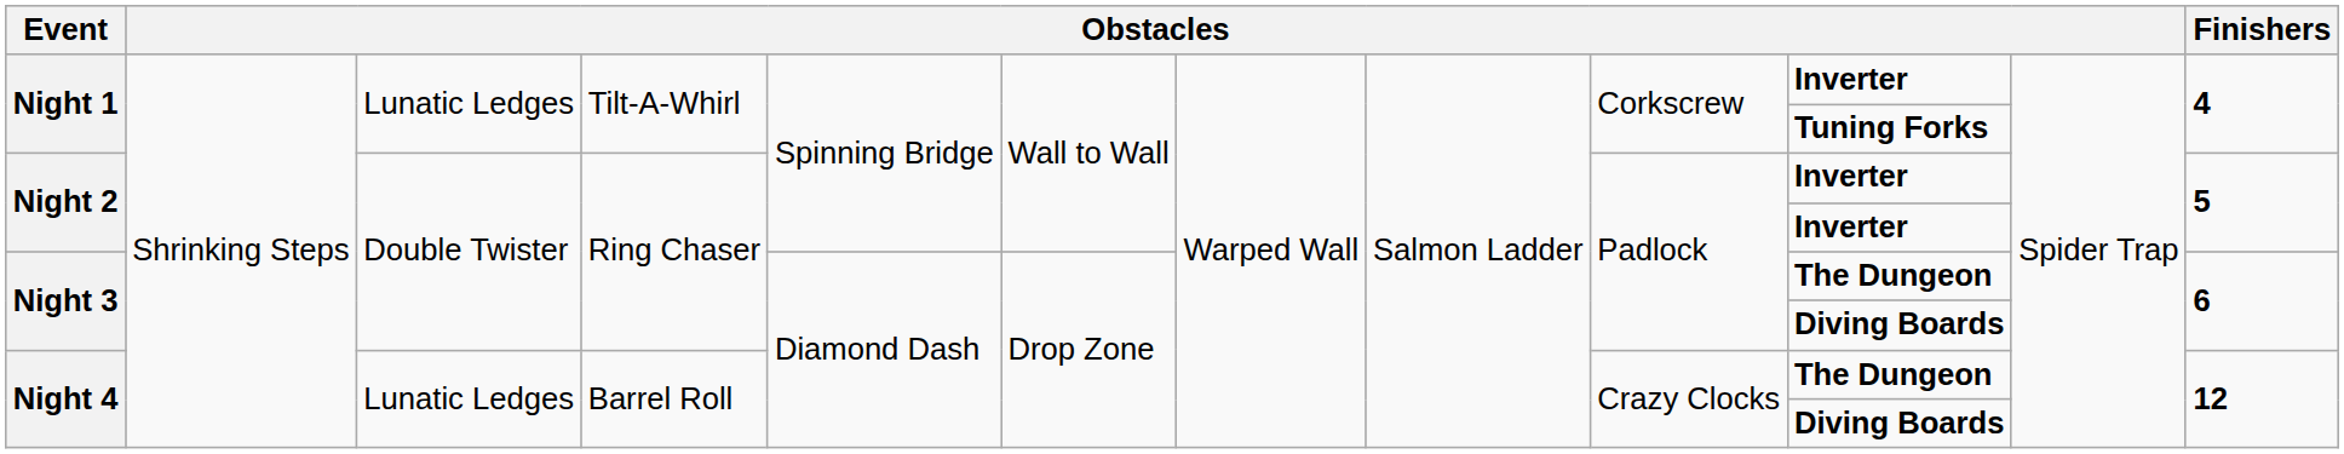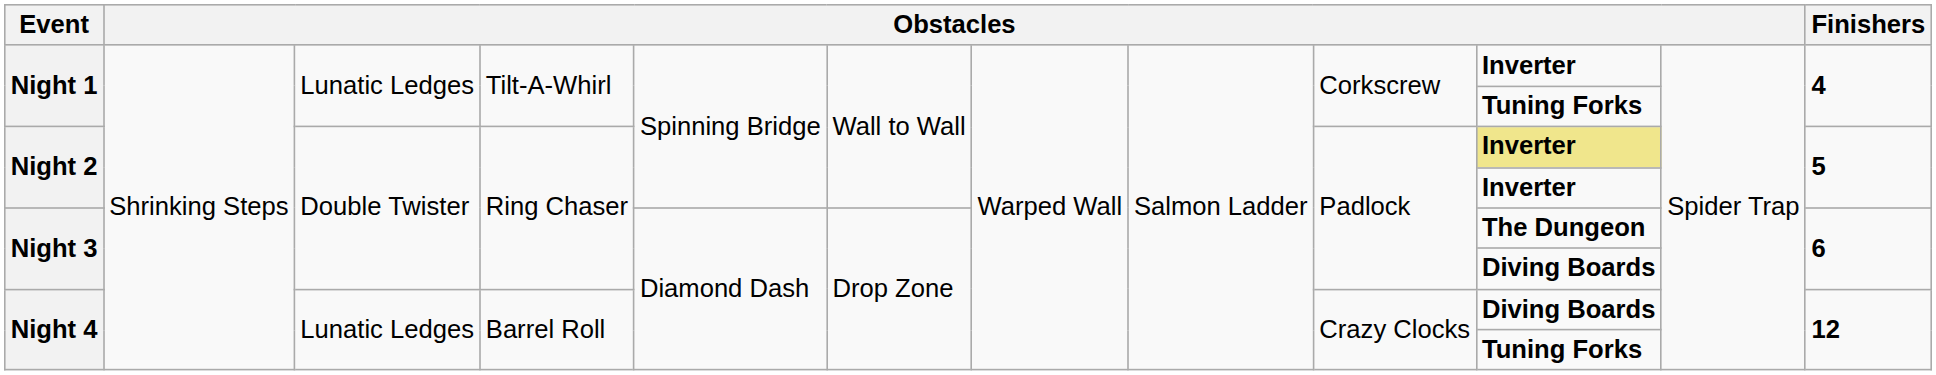 <table class="wikitable">
 <tr>
 <th>Event</th>
 <th colspan="10">Obstacles</th>
 <th>Finishers</th>
 </tr>
 <tr>
 <th rowspan="2">Night 1</th>
 <td rowspan="8">Shrinking Steps</td>
 <td rowspan="2">Lunatic Ledges</td>
 <td rowspan="2">Tilt-A-Whirl</td>
 <td rowspan="4">Spinning Bridge</td>
 <td rowspan="4">Wall to Wall</td>
 <td rowspan="8">Warped Wall</td>
 <td rowspan="8">Salmon Ladder</td>
 <td rowspan="2">Corkscrew</td>
 <td><strong>Inverter</strong></td>
 <td rowspan="8">Spider Trap</td>
 <td rowspan="2"><strong>4</strong></td>
 </tr>
 <tr>
 <td><strong>Tuning Forks</strong></td>
 </tr>
 <tr>
 <th rowspan="2">Night 2</th>
 <td rowspan="4">Double Twister</td>
 <td rowspan="4">Ring Chaser</td>
 <td rowspan="4">Padlock</td>
-<td><strong>Inverter</strong></td>
+<td style="background: khaki;"><strong>Inverter</strong></td>
 <td rowspan="2"><strong>5</strong></td>
 </tr>
 <tr>
 <td><strong>Inverter</strong></td>
 </tr>
 <tr>
 <th rowspan="2">Night 3</th>
 <td rowspan="4">Diamond Dash</td>
 <td rowspan="4">Drop Zone</td>
 <td><strong>The Dungeon</strong></td>
 <td rowspan="2"><strong>6</strong></td>
 </tr>
 <tr>
 <td><strong>Diving Boards</strong></td>
 </tr>
 <tr>
 <th rowspan="2">Night 4</th>
 <td rowspan="2">Lunatic Ledges</td>
 <td rowspan="2">Barrel Roll</td>
 <td rowspan="2">Crazy Clocks</td>
-<td><strong>The Dungeon</strong></td>
+<td><strong>Diving Boards</strong></td>
 <td rowspan="2"><strong>12</strong></td>
 </tr>
 <tr>
-<td><strong>Diving Boards</strong></td>
+<td><strong>Tuning Forks</strong></td>
 </tr>
 </table>
